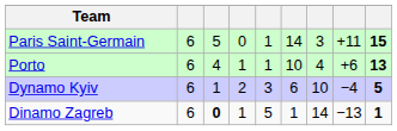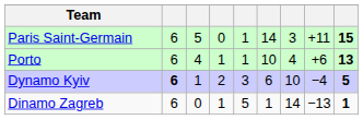 <table class="wikitable" style="text-align:center">
 <tr>
 </tr>
 <tr>
 <th width="175">Team</th>
 <th width="20"></th>
 <th width="20"></th>
 <th width="20"></th>
 <th width="20"></th>
 <th width="20"></th>
 <th width="20"></th>
 <th width="20"></th>
 <th width="20"></th>
 </tr>
 <tr bgcolor="#ccffcc">
 <td align=left> <a href='#'>Paris Saint-Germain</a></td>
 <td>6</td>
 <td>5</td>
 <td>0</td>
 <td>1</td>
 <td>14</td>
 <td>3</td>
 <td>+11</td>
 <td><strong>15</strong></td>
 </tr>
 <tr bgcolor="#ccffcc">
 <td align=left> <a href='#'>Porto</a></td>
 <td>6</td>
 <td>4</td>
 <td>1</td>
 <td>1</td>
 <td>10</td>
 <td>4</td>
 <td>+6</td>
 <td><strong>13</strong></td>
 </tr>
 <tr bgcolor="ccccff">
 <td align=left> <a href='#'>Dynamo Kyiv</a></td>
-<td>6</td>
+<td><strong>6</strong></td>
 <td>1</td>
 <td>2</td>
 <td>3</td>
 <td>6</td>
 <td>10</td>
 <td>−4</td>
 <td><strong>5</strong></td>
 </tr>
 <tr bgcolor=>
 <td align=left> <a href='#'>Dinamo Zagreb</a></td>
 <td>6</td>
-<td><strong>0</strong></td>
+<td>0</td>
 <td>1</td>
 <td>5</td>
 <td>1</td>
 <td>14</td>
 <td>−13</td>
 <td><strong>1</strong></td>
 </tr>
 </table>
